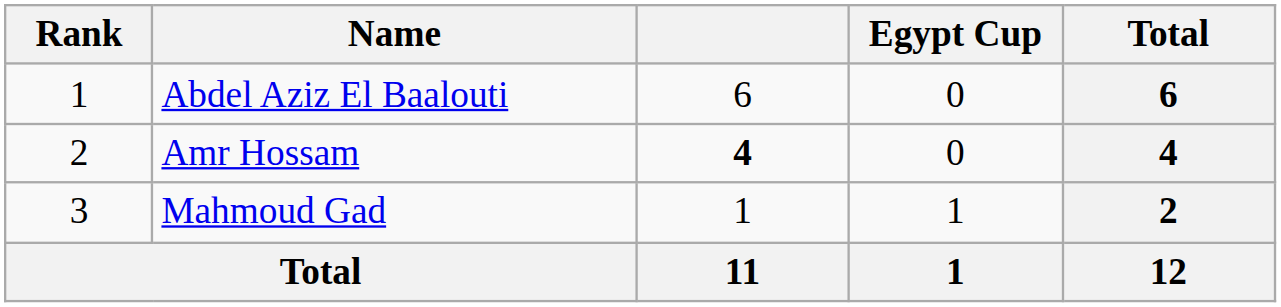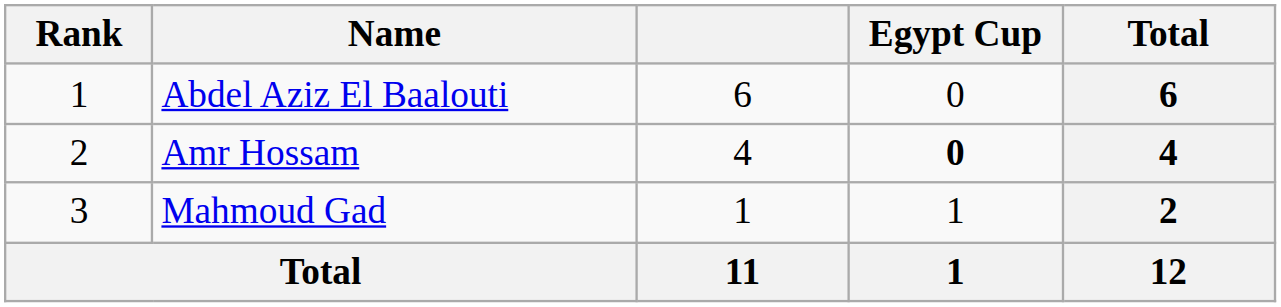 <table class=wikitable style="text-align:center">
 <tr>
 <th style=width:56px;>Rank</th>
 <th style=width:200px;>Name</th>
 <th style=width:84px;></th>
 <th style=width:84px;>Egypt Cup</th>
 <th style=width:84px;>Total</th>
 </tr>
 <tr>
 <td>1</td>
 <td align=left> <a href='#'>Abdel Aziz El Baalouti</a></td>
 <td>6</td>
 <td>0</td>
 <th>6</th>
 </tr>
 <tr>
 <td>2</td>
 <td align=left> <a href='#'>Amr Hossam</a></td>
-<td><strong>4</strong></td>
-<td>0</td>
+<td>4</td>
+<td><strong>0</strong></td>
 <th>4</th>
 </tr>
 <tr>
 <td>3</td>
 <td align=left> <a href='#'>Mahmoud Gad</a></td>
 <td>1</td>
 <td>1</td>
 <th>2</th>
 </tr>
 <tr>
 <th colspan=2>Total</th>
 <th>11</th>
 <th>1</th>
 <th>12</th>
 </tr>
 </table>
